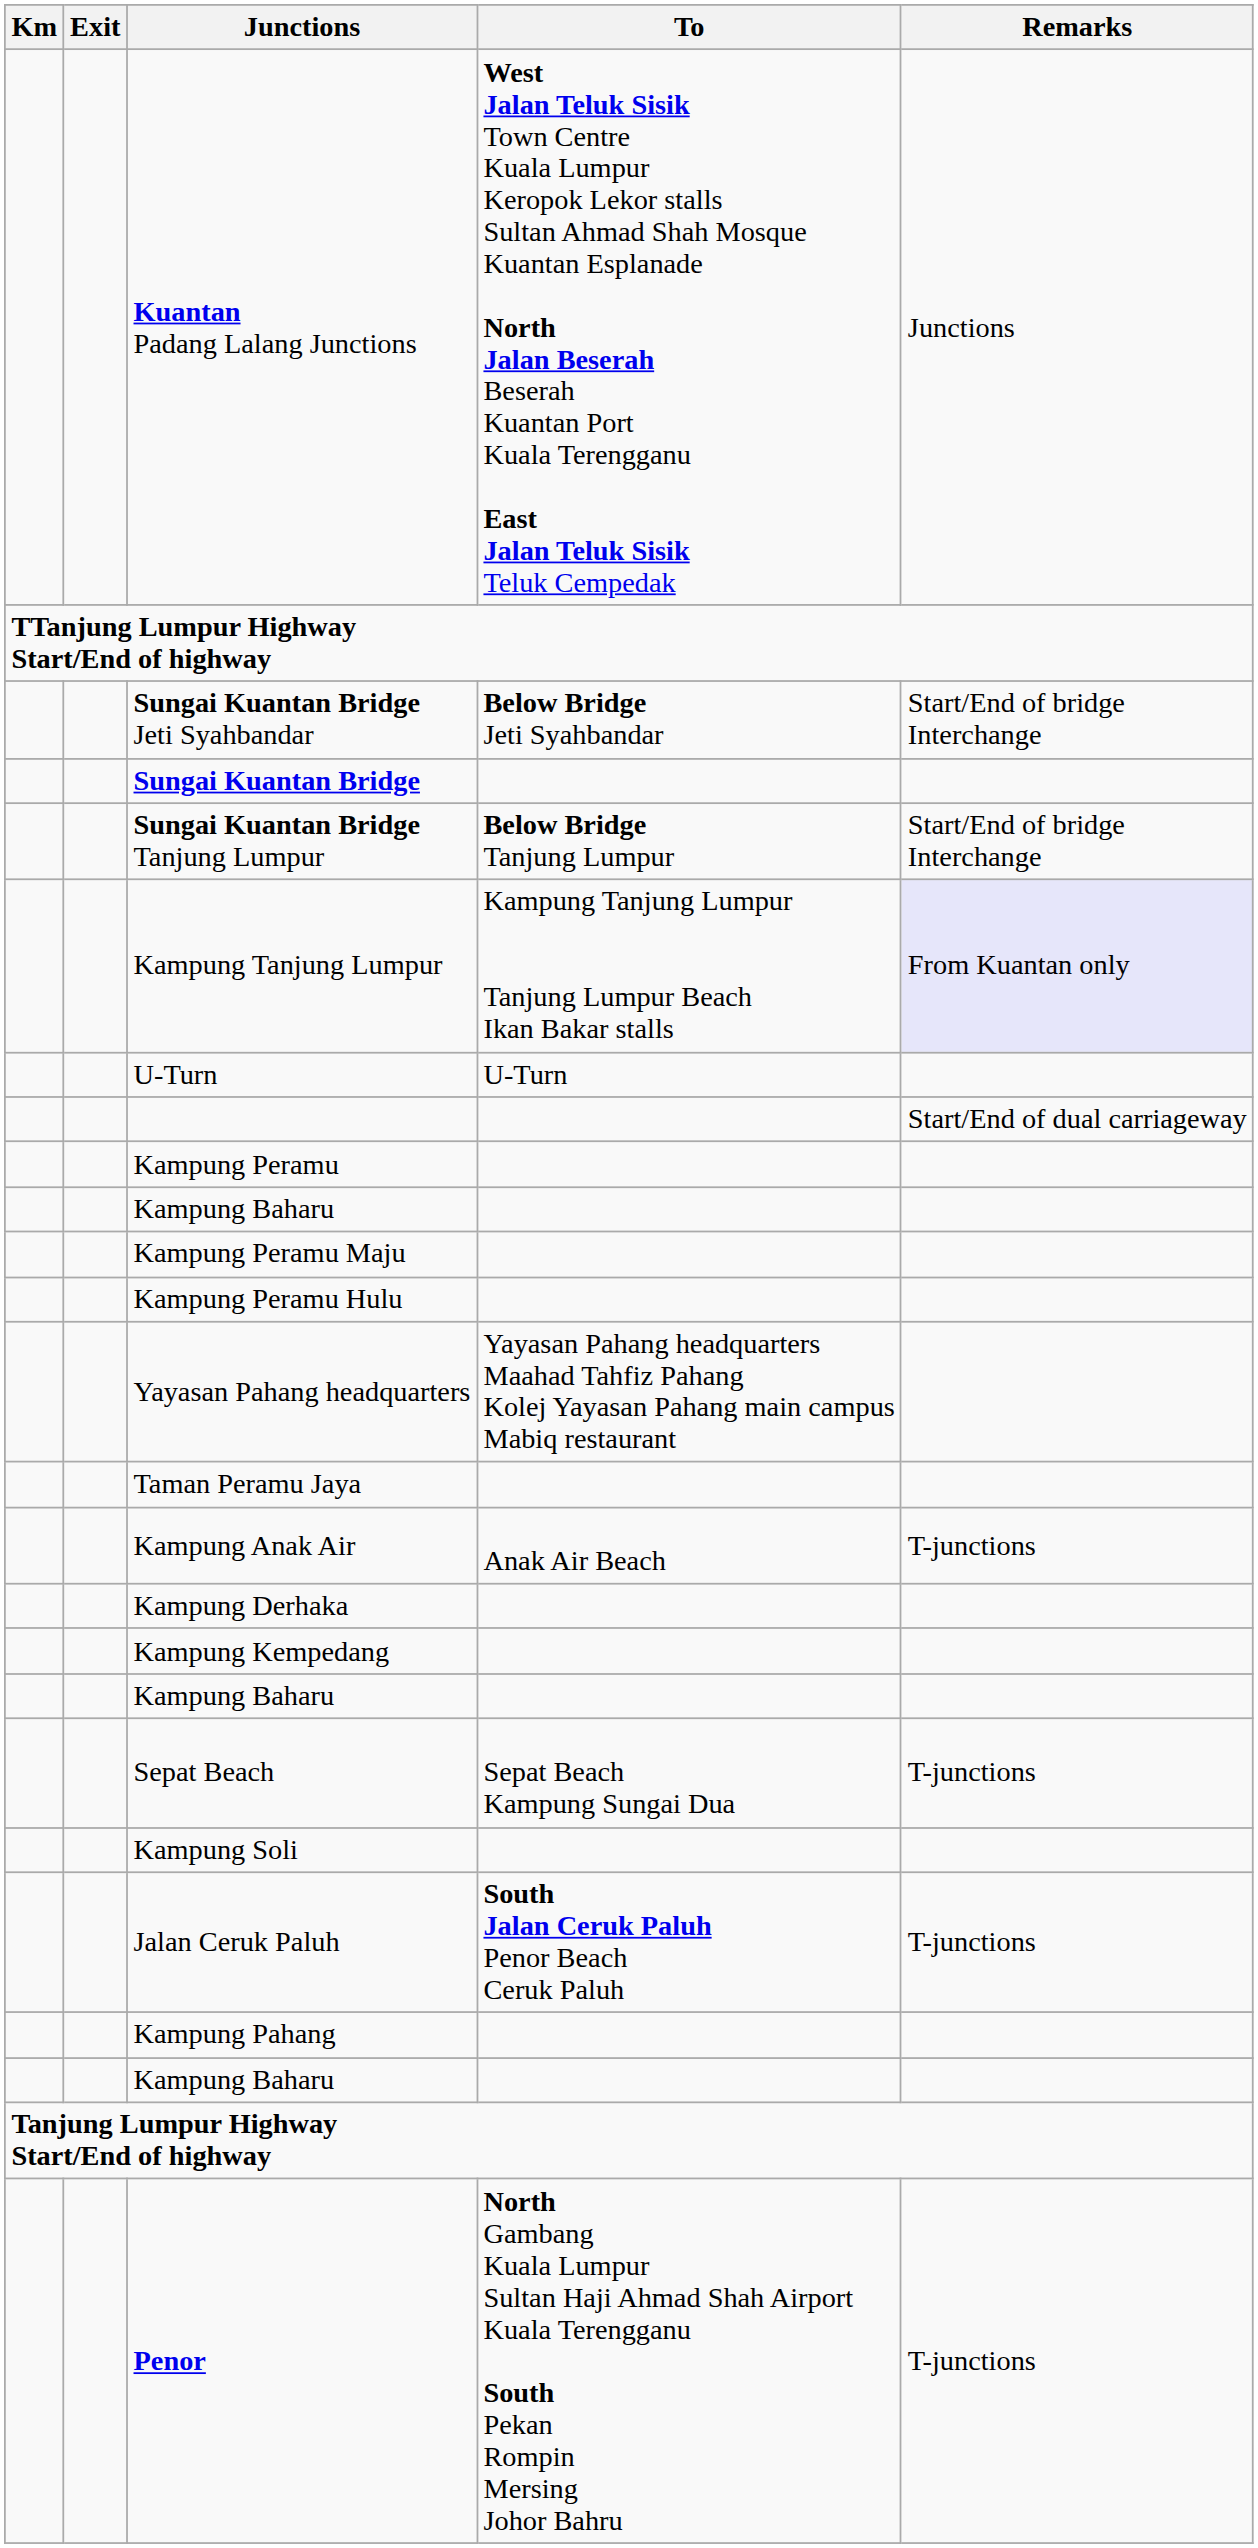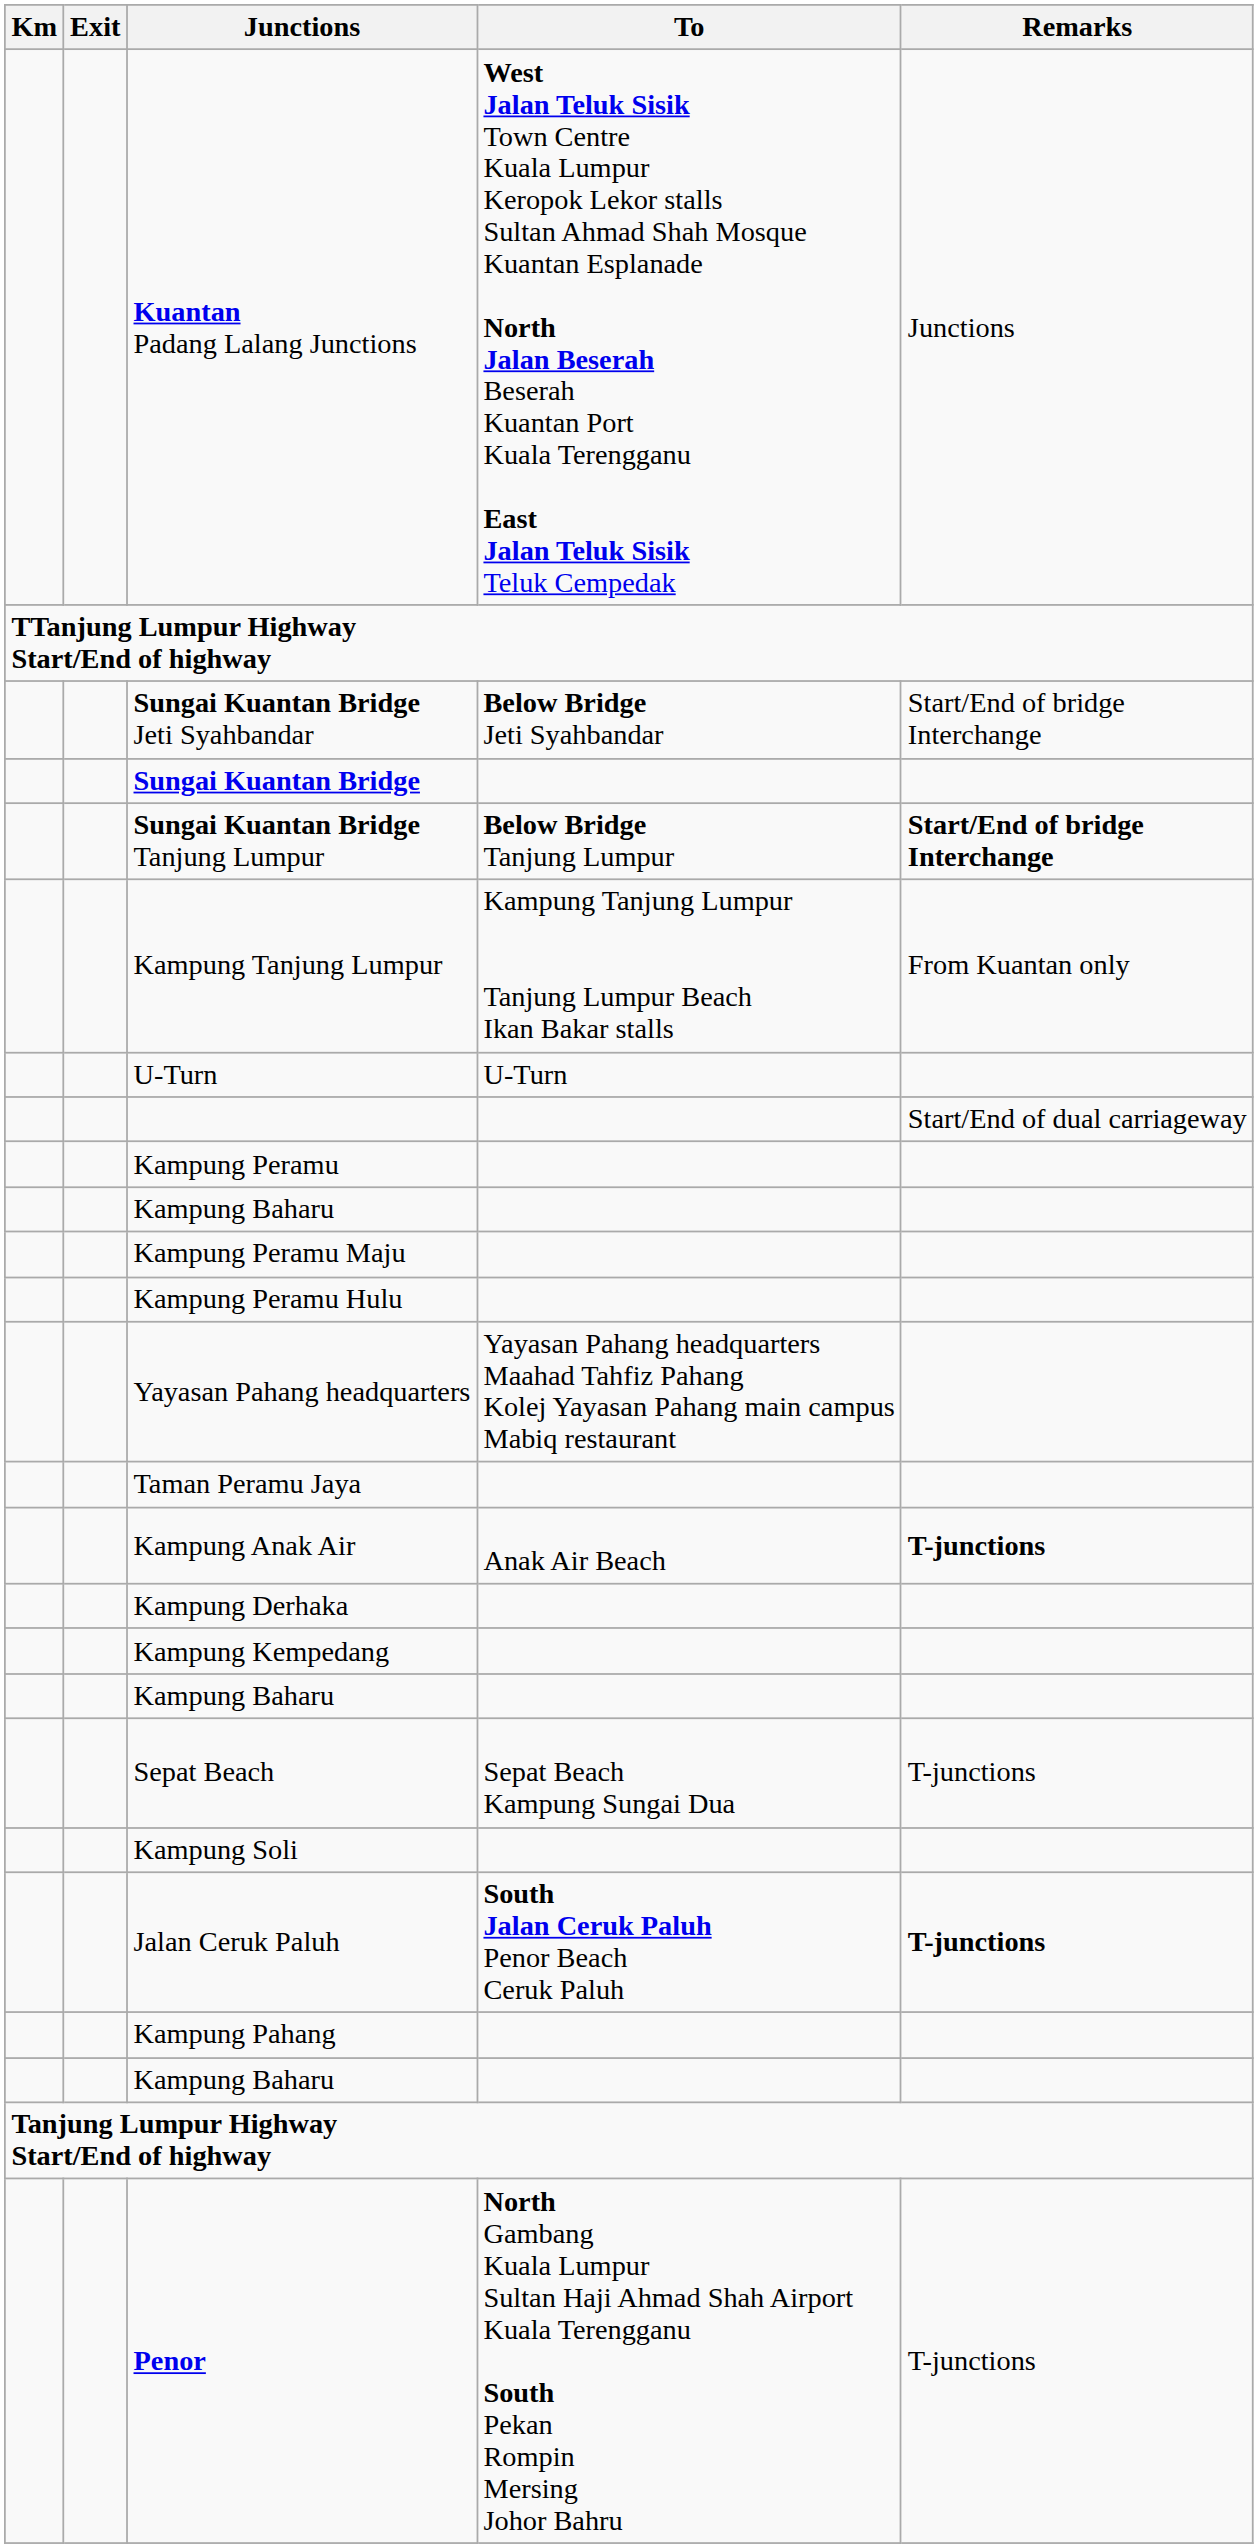 <table class="wikitable">
 <tr>
 <th>Km</th>
 <th>Exit</th>
 <th>Junctions</th>
 <th>To</th>
 <th>Remarks</th>
 </tr>
 <tr>
 <td></td>
 <td></td>
 <td><strong><a href='#'>Kuantan</a></strong><br>Padang Lalang Junctions</td>
 <td><strong>West</strong><br> <strong><a href='#'>Jalan Teluk Sisik</a></strong><br> Town Centre<br>   Kuala Lumpur<br>Keropok Lekor stalls<br>Sultan Ahmad Shah Mosque<br>Kuantan Esplanade<br><br><strong>North</strong><br> <strong><a href='#'>Jalan Beserah</a></strong><br> Beserah<br> Kuantan Port <br>  Kuala Terengganu<br><br><strong>East</strong><br> <strong><a href='#'>Jalan Teluk Sisik</a></strong><br><a href='#'>Teluk Cempedak</a></td>
 <td>Junctions</td>
 </tr>
 <tr>
 <td style="width:600px" colspan="6" style="text-align:center; background:blue;"><strong><span> TTanjung Lumpur Highway<br>Start/End of highway</span></strong></td>
 </tr>
 <tr>
 <td></td>
 <td></td>
 <td><strong>Sungai Kuantan Bridge</strong><br>Jeti Syahbandar</td>
 <td><strong>Below Bridge</strong><br>Jeti Syahbandar</td>
 <td>Start/End of bridge<br>Interchange</td>
 </tr>
 <tr>
 <td></td>
 <td></td>
 <td><strong><a href='#'>Sungai Kuantan Bridge</a></strong></td>
 <td></td>
 <td></td>
 </tr>
 <tr>
 <td></td>
 <td></td>
 <td><strong>Sungai Kuantan Bridge</strong><br>Tanjung Lumpur</td>
 <td><strong>Below Bridge</strong><br>Tanjung Lumpur</td>
-<td>Start/End of bridge<br>Interchange</td>
+<td><strong>Start/End of bridge<br>Interchange</strong></td>
 </tr>
 <tr>
 <td></td>
 <td></td>
 <td>Kampung Tanjung Lumpur</td>
 <td>Kampung Tanjung Lumpur<br><br> <br>Tanjung Lumpur Beach<br>Ikan Bakar stalls</td>
-<td style="background: lavender;">From Kuantan only</td>
+<td>From Kuantan only</td>
 </tr>
 <tr>
 <td></td>
 <td></td>
 <td>U-Turn</td>
 <td>U-Turn</td>
 <td></td>
 </tr>
 <tr>
 <td></td>
 <td></td>
 <td></td>
 <td></td>
 <td>Start/End of dual carriageway</td>
 </tr>
 <tr>
 <td></td>
 <td></td>
 <td>Kampung Peramu</td>
 <td></td>
 <td></td>
 </tr>
 <tr>
 <td></td>
 <td></td>
 <td>Kampung Baharu</td>
 <td></td>
 <td></td>
 </tr>
 <tr>
 <td></td>
 <td></td>
 <td>Kampung Peramu Maju</td>
 <td></td>
 <td></td>
 </tr>
 <tr>
 <td></td>
 <td></td>
 <td>Kampung Peramu Hulu</td>
 <td></td>
 <td></td>
 </tr>
 <tr>
 <td></td>
 <td></td>
 <td>Yayasan Pahang headquarters</td>
 <td>Yayasan Pahang headquarters<br>Maahad Tahfiz Pahang<br>Kolej Yayasan Pahang main campus<br>Mabiq restaurant</td>
 <td></td>
 </tr>
 <tr>
 <td></td>
 <td></td>
 <td>Taman Peramu Jaya</td>
 <td></td>
 <td></td>
 </tr>
 <tr>
 <td></td>
 <td></td>
 <td>Kampung Anak Air</td>
 <td> <br>Anak Air Beach</td>
-<td>T-junctions</td>
+<td><strong>T-junctions</strong></td>
 </tr>
 <tr>
 <td></td>
 <td></td>
 <td>Kampung Derhaka</td>
 <td></td>
 <td></td>
 </tr>
 <tr>
 <td></td>
 <td></td>
 <td>Kampung Kempedang</td>
 <td></td>
 <td></td>
 </tr>
 <tr>
 <td></td>
 <td></td>
 <td>Kampung Baharu</td>
 <td></td>
 <td></td>
 </tr>
 <tr>
 <td></td>
 <td></td>
 <td>Sepat Beach</td>
 <td> <br>Sepat Beach<br>Kampung Sungai Dua</td>
 <td>T-junctions</td>
 </tr>
 <tr>
 <td></td>
 <td></td>
 <td>Kampung Soli</td>
 <td></td>
 <td></td>
 </tr>
 <tr>
 <td></td>
 <td></td>
 <td>Jalan Ceruk Paluh</td>
 <td><strong>South</strong><br> <strong><a href='#'>Jalan Ceruk Paluh</a></strong><br>Penor Beach<br>Ceruk Paluh</td>
-<td>T-junctions</td>
+<td><strong>T-junctions</strong></td>
 </tr>
 <tr>
 <td></td>
 <td></td>
 <td>Kampung Pahang</td>
 <td></td>
 <td></td>
 </tr>
 <tr>
 <td></td>
 <td></td>
 <td>Kampung Baharu</td>
 <td></td>
 <td></td>
 </tr>
 <tr>
 <td style="width:600px" colspan="6" style="text-align:center; background:blue;"><strong><span> Tanjung Lumpur Highway<br>Start/End of highway</span></strong></td>
 </tr>
 <tr>
 <td></td>
 <td></td>
 <td><strong><a href='#'>Penor</a></strong></td>
 <td><strong>North</strong><br> Gambang<br>   Kuala Lumpur<br>  Sultan Haji Ahmad Shah Airport <br>  Kuala Terengganu<br><br><strong>South</strong><br>  Pekan<br>  Rompin<br>  Mersing<br>  Johor Bahru</td>
 <td>T-junctions</td>
 </tr>
 </table>
